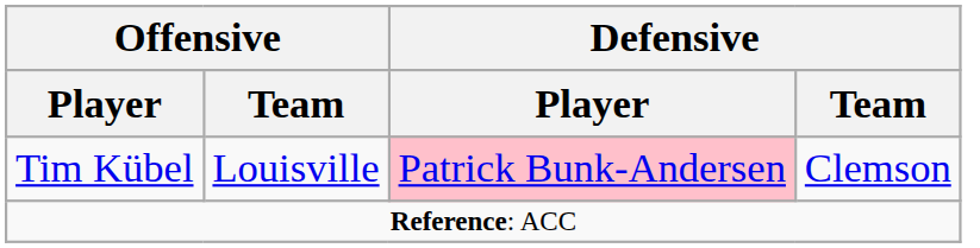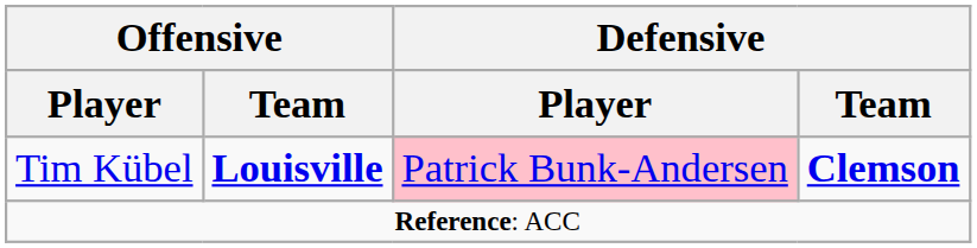 <table class="wikitable">
 <tr>
 <th colspan="2">Offensive</th>
 <th colspan="2">Defensive</th>
 </tr>
 <tr>
 <th>Player</th>
 <th>Team</th>
 <th>Player</th>
 <th>Team</th>
 </tr>
 <tr>
 <td><a href='#'>Tim Kübel</a></td>
-<td><a href='#'>Louisville</a></td>
+<td><strong><a href='#'>Louisville</a></strong></td>
 <td style="background: pink;"><a href='#'>Patrick Bunk-Andersen</a></td>
-<td><a href='#'>Clemson</a></td>
+<td><strong><a href='#'>Clemson</a></strong></td>
 </tr>
 <tr>
 <td colspan="12"  style="font-size:8pt; text-align:center;"><strong>Reference</strong>: ACC</td>
 </tr>
 </table>
